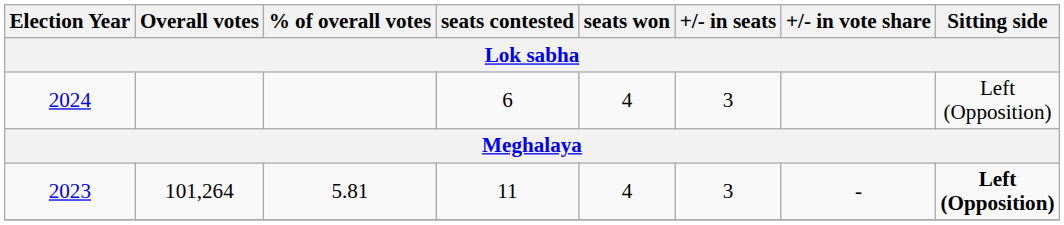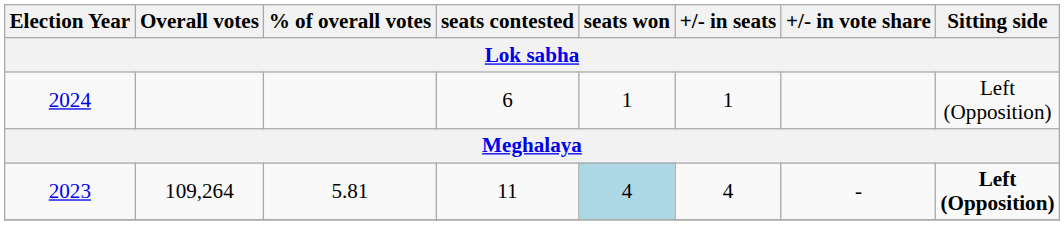 <table class="wikitable" style="text-align:center">
 <tr>
 <th Style="background-color:">Election Year</th>
 <th Style="background-color:">Overall votes</th>
 <th Style="background-color:">% of overall votes</th>
 <th Style="background-color:">seats contested</th>
 <th Style="background-color:">seats won</th>
 <th Style="background-color:">+/- in seats</th>
 <th Style="background-color:">+/- in vote share</th>
 <th Style="background-color:">Sitting side</th>
 </tr>
 <tr>
 <th colspan=10><a href='#'>Lok sabha</a></th>
 </tr>
 <tr>
 <td><a href='#'>2024</a></td>
 <td></td>
 <td></td>
 <td>6</td>
-<td>4</td>
-<td>3</td>
+<td>1</td>
+<td>1</td>
 <td></td>
 <td>Left<br>(Opposition)</td>
 </tr>
 <tr>
 <th colspan=10><a href='#'>Meghalaya</a></th>
 </tr>
 <tr>
 <td><a href='#'>2023</a></td>
-<td>101,264</td>
+<td>109,264</td>
 <td>5.81</td>
 <td>11</td>
+<td style="background: lightblue;">4</td>
 <td>4</td>
-<td>3</td>
 <td>-</td>
 <td><strong>Left<br>(Opposition)</strong></td>
 </tr>
 <tr>
 </tr>
 </table>
